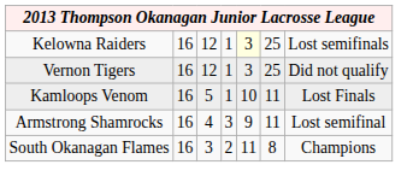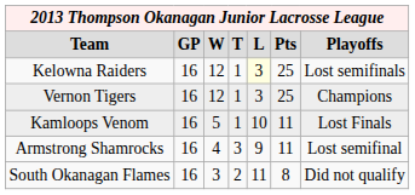 <table class="wikitable">
 <tr align="center" bgcolor="#ffeeee">
 <td colspan="7”"><strong><em>2013 Thompson Okanagan Junior Lacrosse League</em></strong></td>
+</tr>
+<tr align="center"  bgcolor="#dddddd">
+<td><strong>Team </strong></td>
+<td><strong> GP </strong></td>
+<td><strong> W </strong></td>
+<td><strong> T </strong></td>
+<td><strong> L </strong></td>
+<td><strong>Pts</strong></td>
+<td><strong>Playoffs</strong></td>
 </tr>
 <tr align="center">
 <td>Kelowna Raiders</td>
 <td>16</td>
 <td>12</td>
 <td>1</td>
 <td style="background: lightyellow;">3</td>
 <td>25</td>
 <td>Lost semifinals</td>
 </tr>
 <tr align="center" bgcolor="#eeeeee">
 <td>Vernon Tigers</td>
 <td>16</td>
 <td>12</td>
 <td>1</td>
 <td>3</td>
 <td>25</td>
-<td>Did not qualify</td>
+<td>Champions</td>
 </tr>
 <tr align="center" bgcolor="#eeeeee">
 <td>Kamloops Venom</td>
 <td>16</td>
 <td>5</td>
 <td>1</td>
 <td>10</td>
 <td>11</td>
 <td>Lost  Finals</td>
 </tr>
 <tr align="center">
 <td>Armstrong Shamrocks</td>
 <td>16</td>
 <td>4</td>
 <td>3</td>
 <td>9</td>
 <td>11</td>
 <td>Lost semifinal</td>
 </tr>
 <tr align="center">
 <td>South Okanagan Flames</td>
 <td>16</td>
 <td>3</td>
 <td>2</td>
 <td>11</td>
 <td>8</td>
-<td>Champions</td>
+<td>Did not qualify</td>
 </tr>
 </table>
